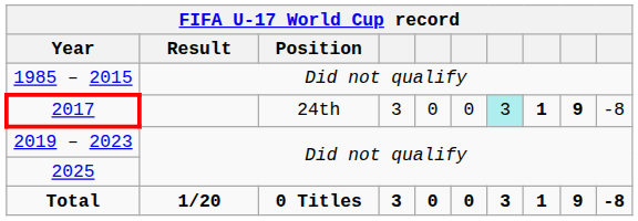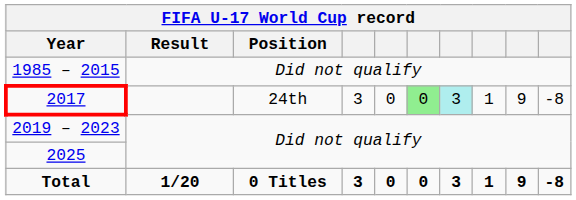 <table class="wikitable collapsible collapsed" style="text-align: center;">
 <tr>
 <th colspan=10><a href='#'>FIFA U-17 World Cup</a> record</th>
 </tr>
 <tr>
 <th width="90">Year</th>
 <th width="80">Result</th>
 <th width="80">Position</th>
 <th width="20"></th>
 <th width="20"></th>
 <th width="20"></th>
 <th width="20"></th>
 <th width="20"></th>
 <th width="20"></th>
 <th width="20"></th>
 </tr>
 <tr>
 <td> <a href='#'>1985</a> –  <a href='#'>2015</a></td>
 <td colspan=9><em>Did not qualify</em></td>
 </tr>
 <tr>
 <td style="border: 3px solid red"> <a href='#'>2017</a></td>
 <td></td>
 <td>24th</td>
 <td>3</td>
 <td>0</td>
-<td>0</td>
+<td style="background: lightgreen;">0</td>
 <td style="background: paleturquoise;">3</td>
-<td><strong>1</strong></td>
-<td><strong>9</strong></td>
+<td>1</td>
+<td>9</td>
 <td>-8</td>
 </tr>
 <tr>
 <td> <a href='#'>2019</a> –  <a href='#'>2023</a></td>
 <td rowspan=2 colspan=9><em>Did not qualify</em></td>
 </tr>
 <tr>
 <td> <a href='#'>2025</a></td>
 </tr>
 <tr>
 <td><strong>Total</strong></td>
 <td><strong>1/20</strong></td>
 <td><strong>0 Titles</strong></td>
 <td><strong> 3 </strong></td>
 <td><strong>0</strong></td>
 <td><strong> 0</strong></td>
 <td><strong>3 </strong></td>
 <td><strong> 1 </strong></td>
 <td><strong>9</strong></td>
 <td><strong>-8</strong></td>
 </tr>
 </table>
